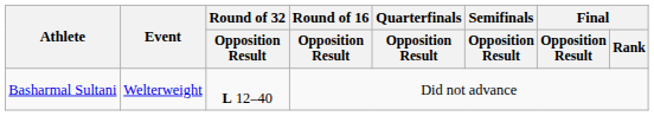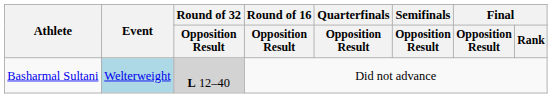 <table class="wikitable" style="font-size:90%">
 <tr>
 <th rowspan="2">Athlete</th>
 <th rowspan="2">Event</th>
 <th scope="col">Round of 32</th>
 <th scope="col">Round of 16</th>
 <th scope="col">Quarterfinals</th>
 <th scope="col">Semifinals</th>
 <th colspan=2>Final</th>
 </tr>
 <tr style="font-size:95%">
 <th scope="col">Opposition<br>Result</th>
 <th scope="col">Opposition<br>Result</th>
 <th scope="col">Opposition<br>Result</th>
 <th scope="col">Opposition<br>Result</th>
 <th scope="col">Opposition<br>Result</th>
 <th scope="col">Rank</th>
 </tr>
 <tr align=center>
 <td align=left><a href='#'>Basharmal Sultani</a></td>
-<td align=left><a href='#'>Welterweight</a></td>
-<td><br><strong>L</strong> 12–40</td>
+<td align=left style="background: lightblue;"><a href='#'>Welterweight</a></td>
+<td style="background: lightgrey;"><br><strong>L</strong> 12–40</td>
 <td colspan=5>Did not advance</td>
 </tr>
 </table>
